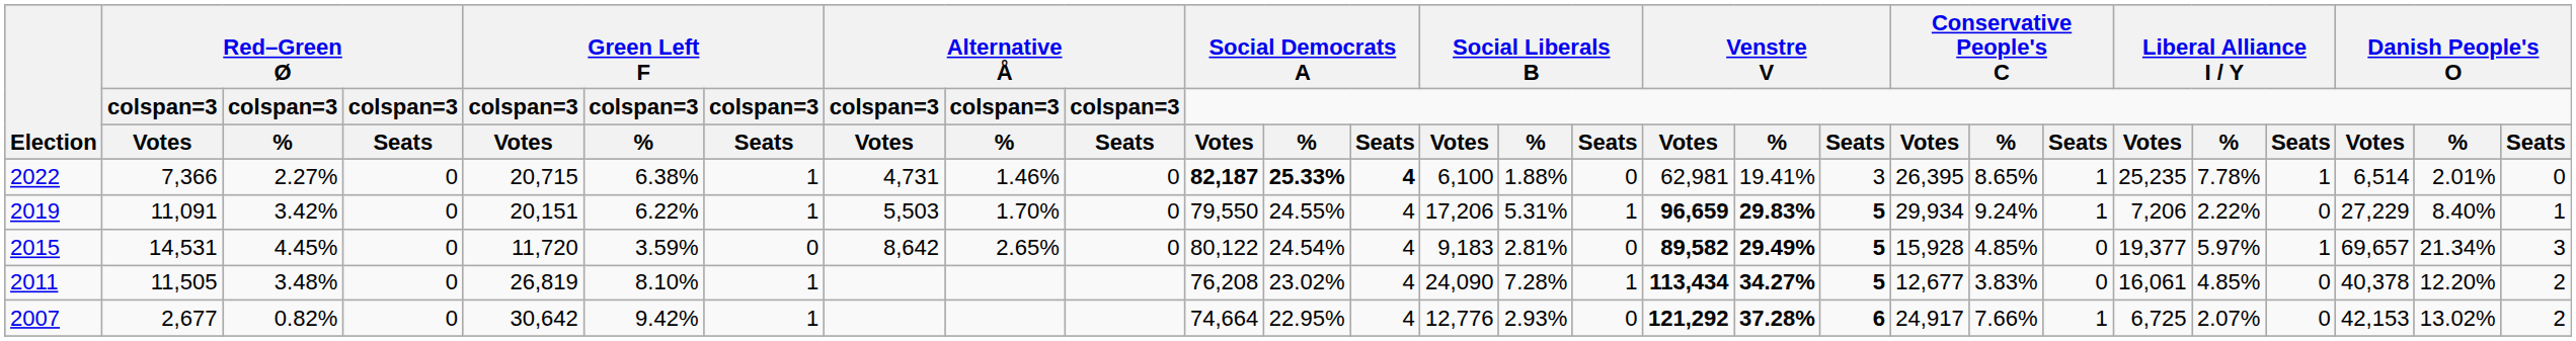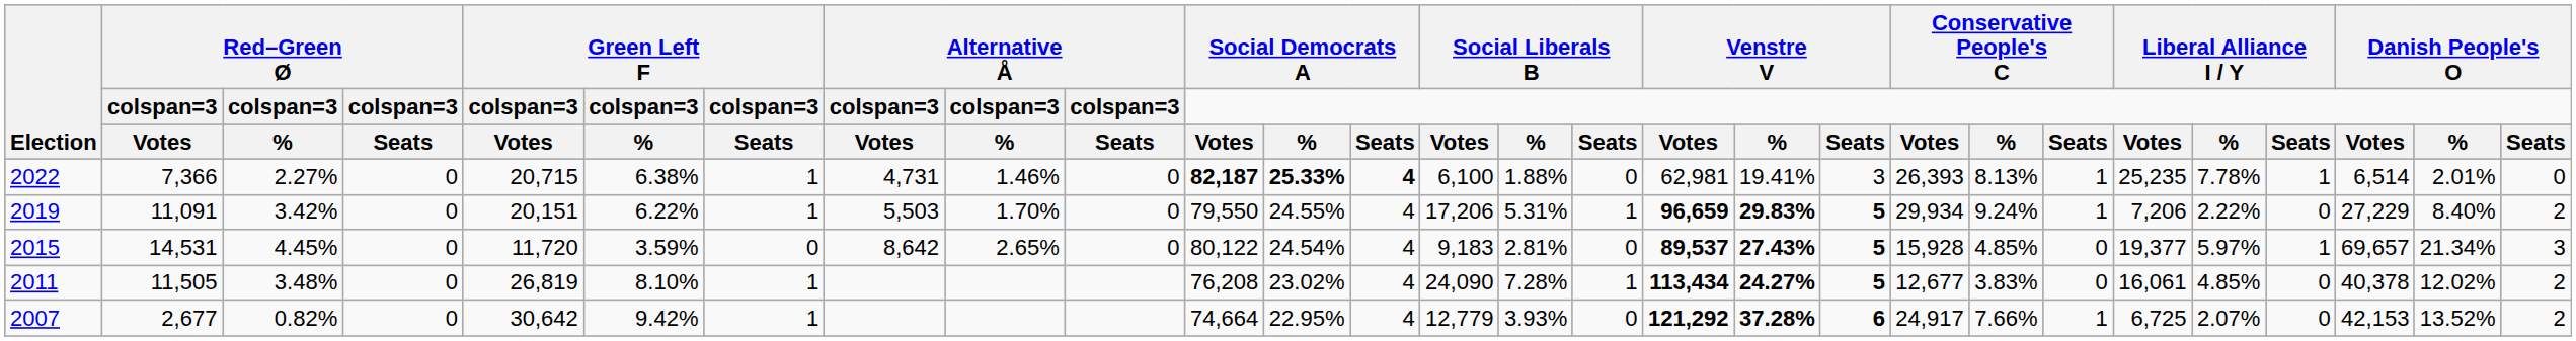 <table class="wikitable" border="1" style="font-size:85%; text-align:right;">
 <tr>
 <th style="text-align:left;" valign=bottom rowspan=3>Election</th>
 <th valign=bottom colspan=3><a href='#'>Red–Green</a><br>Ø</th>
 <th valign=bottom colspan=3><a href='#'>Green Left</a><br>F</th>
 <th valign=bottom colspan=3><a href='#'>Alternative</a><br>Å</th>
 <th valign=bottom colspan=3><a href='#'>Social Democrats</a><br>A</th>
 <th valign=bottom colspan=3><a href='#'>Social Liberals</a><br>B</th>
 <th valign=bottom colspan=3><a href='#'>Venstre</a><br>V</th>
 <th valign=bottom colspan=3><a href='#'>Conservative People's</a><br>C</th>
 <th valign=bottom colspan=3><a href='#'>Liberal Alliance</a><br>I / Y</th>
 <th valign=bottom colspan=3><a href='#'>Danish People's</a><br>O</th>
 </tr>
 <tr>
 <th>colspan=3 </th>
 <th>colspan=3 </th>
 <th>colspan=3 </th>
 <th>colspan=3 </th>
 <th>colspan=3 </th>
 <th>colspan=3 </th>
 <th>colspan=3 </th>
 <th>colspan=3 </th>
 <th>colspan=3 </th>
 </tr>
 <tr>
 <th>Votes</th>
 <th>%</th>
 <th>Seats</th>
 <th>Votes</th>
 <th>%</th>
 <th>Seats</th>
 <th>Votes</th>
 <th>%</th>
 <th>Seats</th>
 <th>Votes</th>
 <th>%</th>
 <th>Seats</th>
 <th>Votes</th>
 <th>%</th>
 <th>Seats</th>
 <th>Votes</th>
 <th>%</th>
 <th>Seats</th>
 <th>Votes</th>
 <th>%</th>
 <th>Seats</th>
 <th>Votes</th>
 <th>%</th>
 <th>Seats</th>
 <th>Votes</th>
 <th>%</th>
 <th>Seats</th>
 </tr>
 <tr>
 <td align=left><a href='#'>2022</a></td>
 <td>7,366</td>
 <td>2.27%</td>
 <td>0</td>
 <td>20,715</td>
 <td>6.38%</td>
 <td>1</td>
 <td>4,731</td>
 <td>1.46%</td>
 <td>0</td>
 <td><strong>82,187</strong></td>
 <td><strong>25.33%</strong></td>
 <td><strong>4</strong></td>
 <td>6,100</td>
 <td>1.88%</td>
 <td>0</td>
 <td>62,981</td>
 <td>19.41%</td>
 <td>3</td>
-<td>26,395</td>
-<td>8.65%</td>
+<td>26,393</td>
+<td>8.13%</td>
 <td>1</td>
 <td>25,235</td>
 <td>7.78%</td>
 <td>1</td>
 <td>6,514</td>
 <td>2.01%</td>
 <td>0</td>
 </tr>
 <tr>
 <td align=left><a href='#'>2019</a></td>
 <td>11,091</td>
 <td>3.42%</td>
 <td>0</td>
 <td>20,151</td>
 <td>6.22%</td>
 <td>1</td>
 <td>5,503</td>
 <td>1.70%</td>
 <td>0</td>
 <td>79,550</td>
 <td>24.55%</td>
 <td>4</td>
 <td>17,206</td>
 <td>5.31%</td>
 <td>1</td>
 <td><strong>96,659</strong></td>
 <td><strong>29.83%</strong></td>
 <td><strong>5</strong></td>
 <td>29,934</td>
 <td>9.24%</td>
 <td>1</td>
 <td>7,206</td>
 <td>2.22%</td>
 <td>0</td>
 <td>27,229</td>
 <td>8.40%</td>
-<td>1</td>
+<td>2</td>
 </tr>
 <tr>
 <td align=left><a href='#'>2015</a></td>
 <td>14,531</td>
 <td>4.45%</td>
 <td>0</td>
 <td>11,720</td>
 <td>3.59%</td>
 <td>0</td>
 <td>8,642</td>
 <td>2.65%</td>
 <td>0</td>
 <td>80,122</td>
 <td>24.54%</td>
 <td>4</td>
 <td>9,183</td>
 <td>2.81%</td>
 <td>0</td>
-<td><strong>89,582</strong></td>
-<td><strong>29.49%</strong></td>
+<td><strong>89,537</strong></td>
+<td><strong>27.43%</strong></td>
 <td><strong>5</strong></td>
 <td>15,928</td>
 <td>4.85%</td>
 <td>0</td>
 <td>19,377</td>
 <td>5.97%</td>
 <td>1</td>
 <td>69,657</td>
 <td>21.34%</td>
 <td>3</td>
 </tr>
 <tr>
 <td align=left><a href='#'>2011</a></td>
 <td>11,505</td>
 <td>3.48%</td>
 <td>0</td>
 <td>26,819</td>
 <td>8.10%</td>
 <td>1</td>
 <td></td>
 <td></td>
 <td></td>
 <td>76,208</td>
 <td>23.02%</td>
 <td>4</td>
 <td>24,090</td>
 <td>7.28%</td>
 <td>1</td>
 <td><strong>113,434</strong></td>
-<td><strong>34.27%</strong></td>
+<td><strong>24.27%</strong></td>
 <td><strong>5</strong></td>
 <td>12,677</td>
 <td>3.83%</td>
 <td>0</td>
 <td>16,061</td>
 <td>4.85%</td>
 <td>0</td>
 <td>40,378</td>
-<td>12.20%</td>
+<td>12.02%</td>
 <td>2</td>
 </tr>
 <tr>
 <td align=left><a href='#'>2007</a></td>
 <td>2,677</td>
 <td>0.82%</td>
 <td>0</td>
 <td>30,642</td>
 <td>9.42%</td>
 <td>1</td>
 <td></td>
 <td></td>
 <td></td>
 <td>74,664</td>
 <td>22.95%</td>
 <td>4</td>
-<td>12,776</td>
-<td>2.93%</td>
+<td>12,779</td>
+<td>3.93%</td>
 <td>0</td>
 <td><strong>121,292</strong></td>
 <td><strong>37.28%</strong></td>
 <td><strong>6</strong></td>
 <td>24,917</td>
 <td>7.66%</td>
 <td>1</td>
 <td>6,725</td>
 <td>2.07%</td>
 <td>0</td>
 <td>42,153</td>
-<td>13.02%</td>
+<td>13.52%</td>
 <td>2</td>
 </tr>
 </table>
